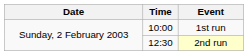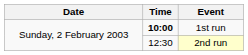 <table class = "wikitable" style="text-align:center;">
 <tr>
 <th width=220>Date</th>
 <th width=50>Time</th>
 <th width=100>Event</th>
 </tr>
 <tr>
 <td rowspan=2>Sunday, 2 February 2003</td>
-<td>10:00</td>
+<td><strong>10:00</strong></td>
 <td>1st run</td>
 </tr>
 <tr>
 <td>12:30</td>
 <td bgcolor=ffffcc>2nd run</td>
 </tr>
 </table>
